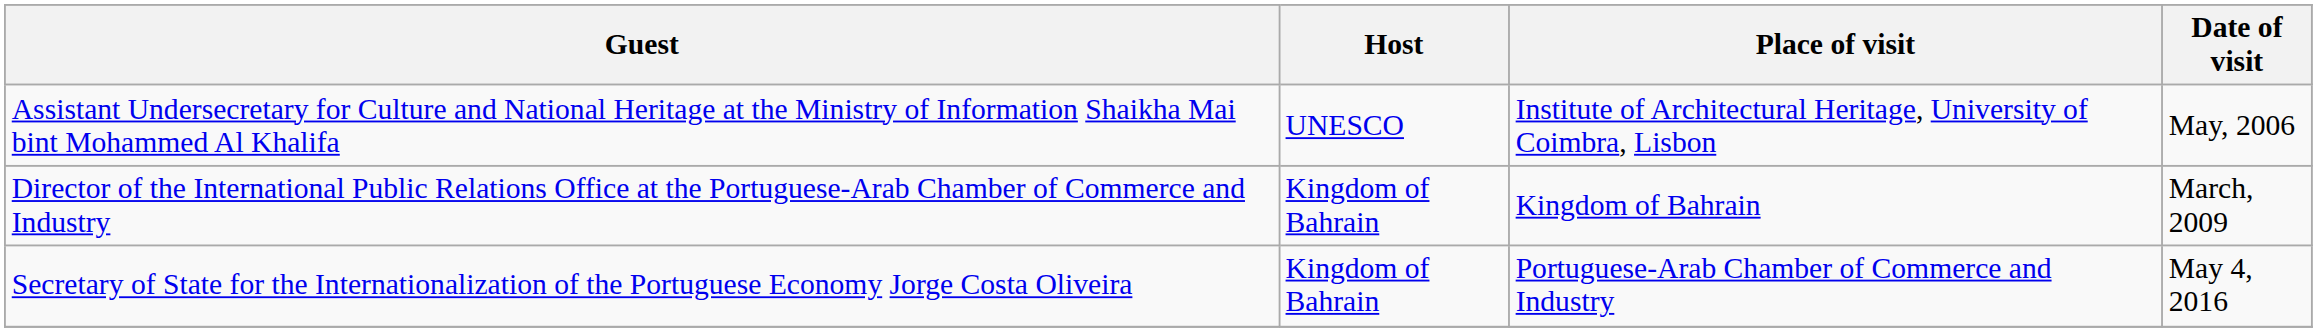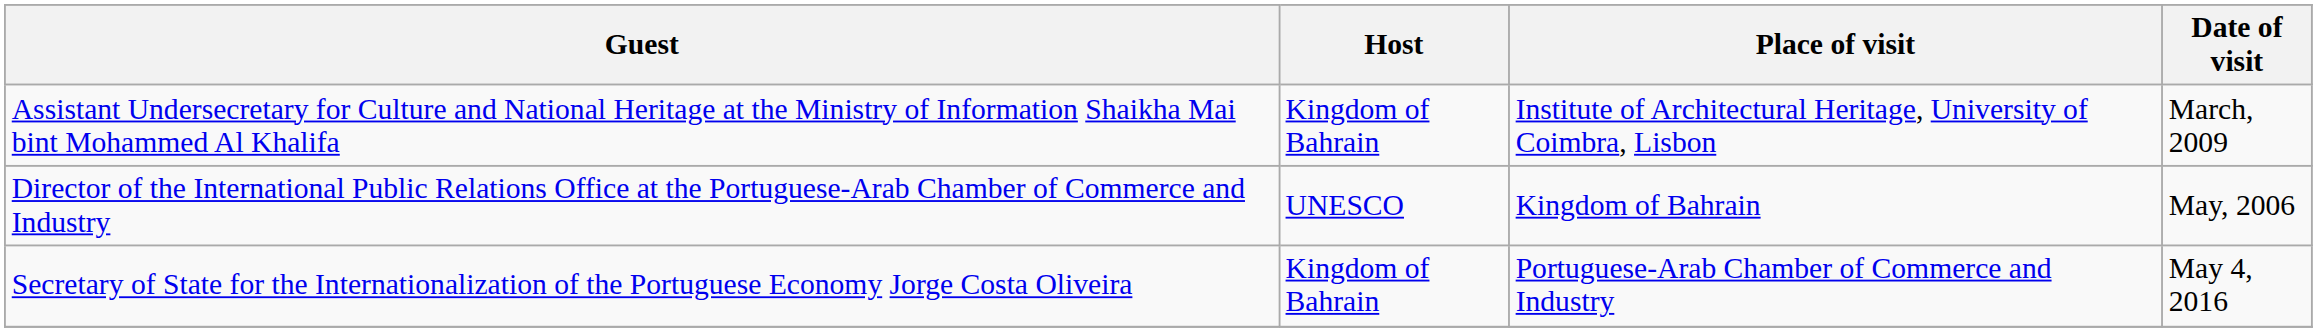 <table class="wikitable" border="1">
 <tr>
 <th>Guest</th>
 <th>Host</th>
 <th>Place of visit</th>
 <th>Date of visit</th>
 </tr>
 <tr>
 <td> <a href='#'>Assistant Undersecretary for Culture and National Heritage at the Ministry of Information</a> <a href='#'>Shaikha Mai bint Mohammed Al Khalifa</a></td>
-<td> <a href='#'>UNESCO</a></td>
+<td> <a href='#'>Kingdom of Bahrain</a></td>
 <td><a href='#'>Institute of Architectural Heritage</a>, <a href='#'>University of Coimbra</a>, <a href='#'>Lisbon</a></td>
-<td>May, 2006</td>
+<td>March, 2009</td>
 </tr>
 <tr>
 <td> <a href='#'>Director of the International Public Relations Office at the Portuguese-Arab Chamber of Commerce and Industry</a></td>
-<td> <a href='#'>Kingdom of Bahrain</a></td>
+<td> <a href='#'>UNESCO</a></td>
 <td><a href='#'>Kingdom of Bahrain</a></td>
-<td>March, 2009</td>
+<td>May, 2006</td>
 </tr>
 <tr>
 <td> <a href='#'>Secretary of State for the Internationalization of the Portuguese Economy</a> <a href='#'>Jorge Costa Oliveira</a></td>
 <td> <a href='#'>Kingdom of Bahrain</a></td>
 <td><a href='#'>Portuguese-Arab Chamber of Commerce and Industry</a></td>
 <td>May 4, 2016</td>
 </tr>
 <tr>
 </tr>
 </table>
